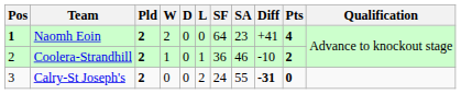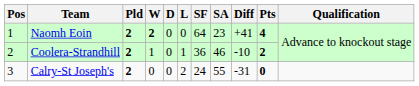 <table class="wikitable">
 <tr>
 <th>Pos</th>
 <th>Team</th>
 <th>Pld</th>
 <th>W</th>
 <th>D</th>
 <th>L</th>
 <th>SF</th>
 <th>SA</th>
 <th>Diff</th>
 <th>Pts</th>
 <th>Qualification</th>
 </tr>
 <tr style="background:#ccffcc">
-<td><strong>1</strong></td>
+<td>1</td>
 <td> <a href='#'>Naomh Eoin</a></td>
 <td><strong>2</strong></td>
-<td>2</td>
+<td><strong>2</strong></td>
 <td>0</td>
 <td>0</td>
 <td>64</td>
 <td>23</td>
 <td>+41</td>
 <td><strong>4</strong></td>
 <td rowspan="2">Advance to knockout stage</td>
 </tr>
 <tr style="background:#ccffcc">
 <td>2</td>
 <td> <a href='#'>Coolera-Strandhill</a></td>
 <td><strong>2</strong></td>
 <td>1</td>
 <td>0</td>
 <td>1</td>
 <td>36</td>
 <td>46</td>
 <td>-10</td>
 <td><strong>2</strong></td>
 </tr>
 <tr>
 <td>3</td>
 <td> <a href='#'>Calry-St Joseph's</a></td>
 <td><strong>2</strong></td>
 <td>0</td>
 <td>0</td>
 <td>2</td>
 <td>24</td>
 <td>55</td>
-<td><strong>-31</strong></td>
+<td>-31</td>
 <td><strong>0</strong></td>
 </tr>
 </table>
